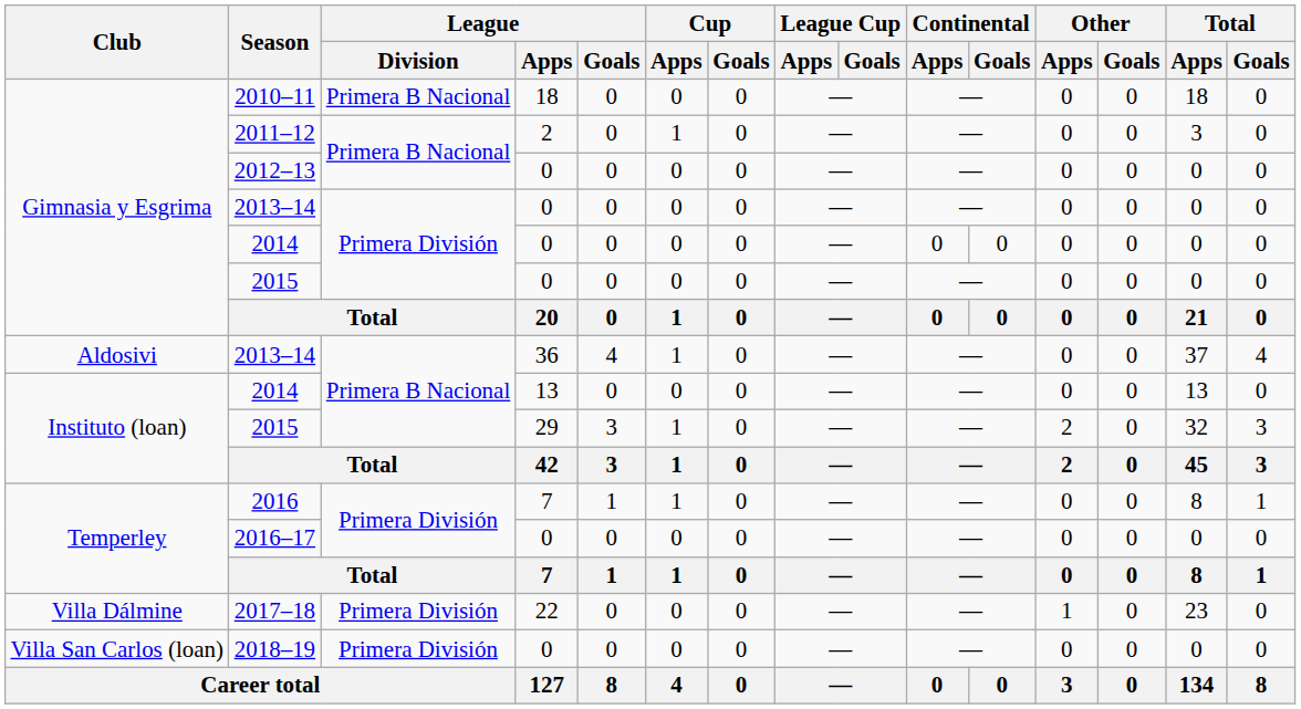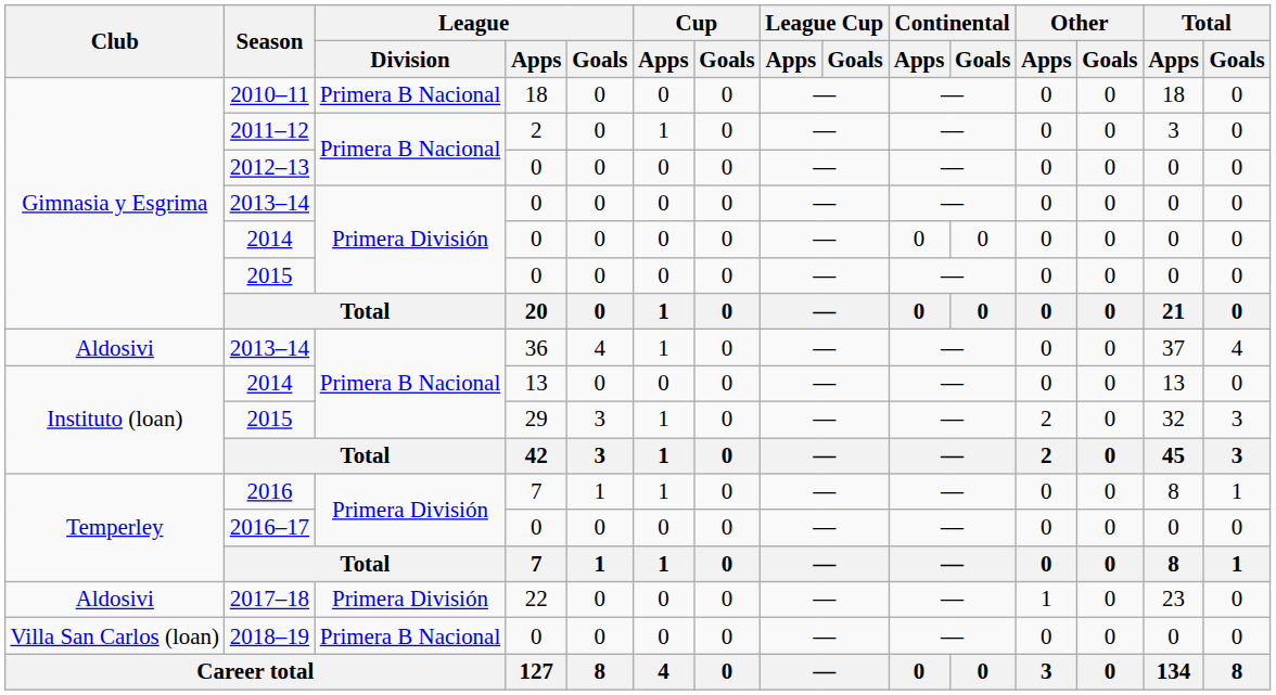 <table class="wikitable" style="text-align:center">
 <tr>
 <th rowspan="2">Club</th>
 <th rowspan="2">Season</th>
 <th colspan="3">League</th>
 <th colspan="2">Cup</th>
 <th colspan="2">League Cup</th>
 <th colspan="2">Continental</th>
 <th colspan="2">Other</th>
 <th colspan="2">Total</th>
 </tr>
 <tr>
 <th>Division</th>
 <th>Apps</th>
 <th>Goals</th>
 <th>Apps</th>
 <th>Goals</th>
 <th>Apps</th>
 <th>Goals</th>
 <th>Apps</th>
 <th>Goals</th>
 <th>Apps</th>
 <th>Goals</th>
 <th>Apps</th>
 <th>Goals</th>
 </tr>
 <tr>
 <td rowspan="7"><a href='#'>Gimnasia y Esgrima</a></td>
 <td><a href='#'>2010–11</a></td>
 <td rowspan="1"><a href='#'>Primera B Nacional</a></td>
 <td>18</td>
 <td>0</td>
 <td>0</td>
 <td>0</td>
 <td colspan="2">—</td>
 <td colspan="2">—</td>
 <td>0</td>
 <td>0</td>
 <td>18</td>
 <td>0</td>
 </tr>
 <tr>
 <td><a href='#'>2011–12</a></td>
 <td rowspan="2"><a href='#'>Primera B Nacional</a></td>
 <td>2</td>
 <td>0</td>
 <td>1</td>
 <td>0</td>
 <td colspan="2">—</td>
 <td colspan="2">—</td>
 <td>0</td>
 <td>0</td>
 <td>3</td>
 <td>0</td>
 </tr>
 <tr>
 <td><a href='#'>2012–13</a></td>
 <td>0</td>
 <td>0</td>
 <td>0</td>
 <td>0</td>
 <td colspan="2">—</td>
 <td colspan="2">—</td>
 <td>0</td>
 <td>0</td>
 <td>0</td>
 <td>0</td>
 </tr>
 <tr>
 <td><a href='#'>2013–14</a></td>
 <td rowspan="3"><a href='#'>Primera División</a></td>
 <td>0</td>
 <td>0</td>
 <td>0</td>
 <td>0</td>
 <td colspan="2">—</td>
 <td colspan="2">—</td>
 <td>0</td>
 <td>0</td>
 <td>0</td>
 <td>0</td>
 </tr>
 <tr>
 <td><a href='#'>2014</a></td>
 <td>0</td>
 <td>0</td>
 <td>0</td>
 <td>0</td>
 <td colspan="2">—</td>
 <td>0</td>
 <td>0</td>
 <td>0</td>
 <td>0</td>
 <td>0</td>
 <td>0</td>
 </tr>
 <tr>
 <td><a href='#'>2015</a></td>
 <td>0</td>
 <td>0</td>
 <td>0</td>
 <td>0</td>
 <td colspan="2">—</td>
 <td colspan="2">—</td>
 <td>0</td>
 <td>0</td>
 <td>0</td>
 <td>0</td>
 </tr>
 <tr>
 <th colspan="2">Total</th>
 <th>20</th>
 <th>0</th>
 <th>1</th>
 <th>0</th>
 <th colspan="2">—</th>
 <th>0</th>
 <th>0</th>
 <th>0</th>
 <th>0</th>
 <th>21</th>
 <th>0</th>
 </tr>
 <tr>
 <td rowspan="1"><a href='#'>Aldosivi</a></td>
 <td><a href='#'>2013–14</a></td>
 <td rowspan="3"><a href='#'>Primera B Nacional</a></td>
 <td>36</td>
 <td>4</td>
 <td>1</td>
 <td>0</td>
 <td colspan="2">—</td>
 <td colspan="2">—</td>
 <td>0</td>
 <td>0</td>
 <td>37</td>
 <td>4</td>
 </tr>
 <tr>
 <td rowspan="3"><a href='#'>Instituto</a> (loan)</td>
 <td><a href='#'>2014</a></td>
 <td>13</td>
 <td>0</td>
 <td>0</td>
 <td>0</td>
 <td colspan="2">—</td>
 <td colspan="2">—</td>
 <td>0</td>
 <td>0</td>
 <td>13</td>
 <td>0</td>
 </tr>
 <tr>
 <td><a href='#'>2015</a></td>
 <td>29</td>
 <td>3</td>
 <td>1</td>
 <td>0</td>
 <td colspan="2">—</td>
 <td colspan="2">—</td>
 <td>2</td>
 <td>0</td>
 <td>32</td>
 <td>3</td>
 </tr>
 <tr>
 <th colspan="2">Total</th>
 <th>42</th>
 <th>3</th>
 <th>1</th>
 <th>0</th>
 <th colspan="2">—</th>
 <th colspan="2">—</th>
 <th>2</th>
 <th>0</th>
 <th>45</th>
 <th>3</th>
 </tr>
 <tr>
 <td rowspan="3"><a href='#'>Temperley</a></td>
 <td><a href='#'>2016</a></td>
 <td rowspan="2"><a href='#'>Primera División</a></td>
 <td>7</td>
 <td>1</td>
 <td>1</td>
 <td>0</td>
 <td colspan="2">—</td>
 <td colspan="2">—</td>
 <td>0</td>
 <td>0</td>
 <td>8</td>
 <td>1</td>
 </tr>
 <tr>
 <td><a href='#'>2016–17</a></td>
 <td>0</td>
 <td>0</td>
 <td>0</td>
 <td>0</td>
 <td colspan="2">—</td>
 <td colspan="2">—</td>
 <td>0</td>
 <td>0</td>
 <td>0</td>
 <td>0</td>
 </tr>
 <tr>
 <th colspan="2">Total</th>
 <th>7</th>
 <th>1</th>
 <th>1</th>
 <th>0</th>
 <th colspan="2">—</th>
 <th colspan="2">—</th>
 <th>0</th>
 <th>0</th>
 <th>8</th>
 <th>1</th>
 </tr>
 <tr>
-<td rowspan="1"><a href='#'>Villa Dálmine</a></td>
+<td rowspan="1"><a href='#'>Aldosivi</a></td>
 <td><a href='#'>2017–18</a></td>
 <td rowspan="1"><a href='#'>Primera División</a></td>
 <td>22</td>
 <td>0</td>
 <td>0</td>
 <td>0</td>
 <td colspan="2">—</td>
 <td colspan="2">—</td>
 <td>1</td>
 <td>0</td>
 <td>23</td>
 <td>0</td>
 </tr>
 <tr>
 <td rowspan="1"><a href='#'>Villa San Carlos</a> (loan)</td>
 <td><a href='#'>2018–19</a></td>
-<td rowspan="1"><a href='#'>Primera División</a></td>
+<td rowspan="1"><a href='#'>Primera B Nacional</a></td>
 <td>0</td>
 <td>0</td>
 <td>0</td>
 <td>0</td>
 <td colspan="2">—</td>
 <td colspan="2">—</td>
 <td>0</td>
 <td>0</td>
 <td>0</td>
 <td>0</td>
 </tr>
 <tr>
 <th colspan="3">Career total</th>
 <th>127</th>
 <th>8</th>
 <th>4</th>
 <th>0</th>
 <th colspan="2">—</th>
 <th>0</th>
 <th>0</th>
 <th>3</th>
 <th>0</th>
 <th>134</th>
 <th>8</th>
 </tr>
 </table>
